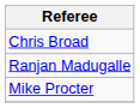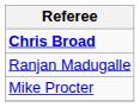 <table class="wikitable">
 <tr>
 <th>Referee</th>
 </tr>
 <tr>
-<td> <a href='#'>Chris Broad</a></td>
+<td><strong> <a href='#'>Chris Broad</a></strong></td>
 </tr>
 <tr>
 <td> <a href='#'>Ranjan Madugalle</a></td>
 </tr>
 <tr>
 <td> <a href='#'>Mike Procter</a></td>
 </tr>
 <tr>
 </tr>
 </table>
